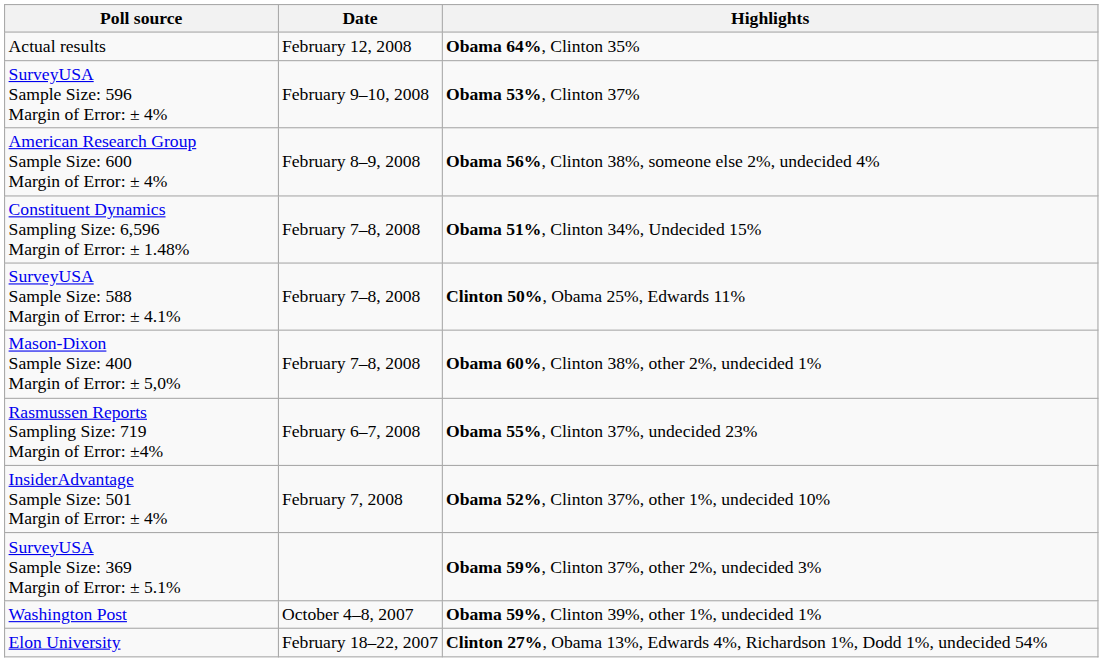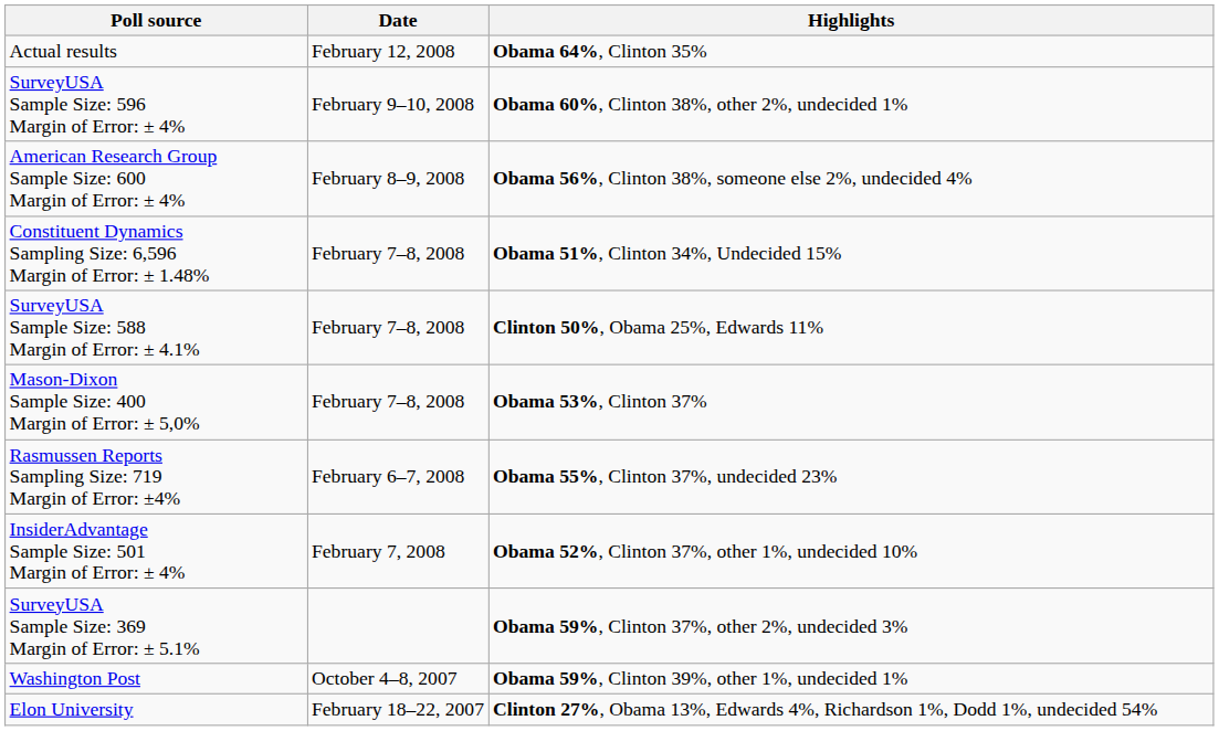 <table class="wikitable sortable">
 <tr>
 <th width="25%">Poll source</th>
 <th width="15%">Date</th>
 <th width="60%">Highlights</th>
 </tr>
 <tr>
 <td>Actual results</td>
 <td>February 12, 2008</td>
 <td><strong>Obama 64%</strong>, Clinton 35%</td>
 </tr>
 <tr>
 <td><a href='#'>SurveyUSA</a><br>Sample Size: 596<br> Margin of Error: ± 4%</td>
 <td>February 9–10, 2008</td>
-<td><strong>Obama 53%</strong>, Clinton 37%</td>
+<td><strong>Obama 60%</strong>, Clinton 38%, other 2%, undecided 1%</td>
 </tr>
 <tr>
 <td><a href='#'>American Research Group</a><br>Sample Size: 600<br> Margin of Error: ± 4%</td>
 <td>February 8–9, 2008</td>
 <td><strong>Obama 56%</strong>, Clinton 38%, someone else 2%, undecided 4%</td>
 </tr>
 <tr>
 <td><a href='#'>Constituent Dynamics</a><br>Sampling Size: 6,596<br> Margin of Error: ± 1.48%</td>
 <td>February 7–8, 2008</td>
 <td><strong>Obama 51%</strong>, Clinton 34%, Undecided 15%</td>
 </tr>
 <tr>
 <td><a href='#'>SurveyUSA</a><br>Sample Size: 588<br> Margin of Error: ± 4.1%</td>
 <td>February 7–8, 2008</td>
 <td><strong>Clinton 50%</strong>, Obama 25%, Edwards 11%</td>
 </tr>
 <tr>
 <td><a href='#'>Mason-Dixon</a><br>Sample Size: 400<br> Margin of Error: ± 5,0%</td>
 <td>February 7–8, 2008</td>
-<td><strong>Obama 60%</strong>, Clinton 38%, other 2%, undecided 1%</td>
+<td><strong>Obama 53%</strong>, Clinton 37%</td>
 </tr>
 <tr>
 <td><a href='#'>Rasmussen Reports</a><br>Sampling Size: 719<br> Margin of Error: ±4%</td>
 <td>February 6–7, 2008</td>
 <td><strong>Obama 55%</strong>, Clinton 37%, undecided 23%</td>
 </tr>
 <tr>
 <td><a href='#'>InsiderAdvantage</a><br>Sample Size: 501<br> Margin of Error: ± 4%</td>
 <td>February 7, 2008</td>
 <td><strong>Obama 52%</strong>, Clinton 37%, other 1%, undecided 10%</td>
 </tr>
 <tr>
 <td><a href='#'>SurveyUSA</a><br>Sample Size: 369<br> Margin of Error: ± 5.1%</td>
 <td></td>
 <td><strong>Obama 59%</strong>, Clinton 37%, other 2%, undecided 3%</td>
 </tr>
 <tr>
 <td><a href='#'>Washington Post</a></td>
 <td>October 4–8, 2007</td>
 <td><strong>Obama 59%</strong>, Clinton 39%, other 1%, undecided 1%</td>
 </tr>
 <tr>
 <td><a href='#'>Elon University</a></td>
 <td>February 18–22, 2007</td>
 <td><strong>Clinton 27%</strong>, Obama 13%, Edwards 4%, Richardson 1%, Dodd 1%, undecided 54%</td>
 </tr>
 </table>
